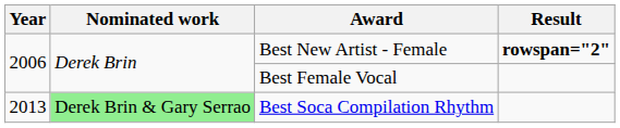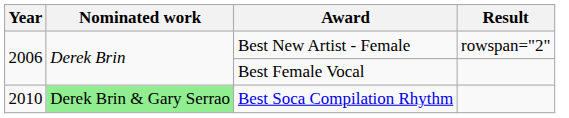 <table class="wikitable">
 <tr>
 <th>Year</th>
 <th>Nominated work</th>
 <th>Award</th>
 <th>Result</th>
 </tr>
 <tr>
 <td rowspan="2">2006</td>
 <td rowspan="2"><em>Derek Brin<strong></td>
 <td>Best New Artist - Female</td>
-<td><strong>rowspan="2" </strong></td>
+<td>rowspan="2" </td>
 </tr>
 <tr>
 <td>Best Female Vocal</td>
 </tr>
 <tr>
-<td>2013</td>
+<td>2010</td>
 <td style="background: lightgreen;"></em>Derek Brin & Gary Serrao</strong></td>
 <td><a href='#'>Best Soca Compilation Rhythm</a></td>
 <td></td>
 </tr>
 </table>
